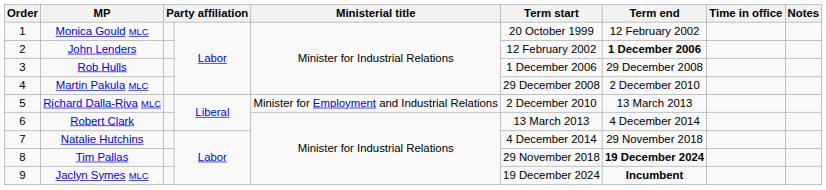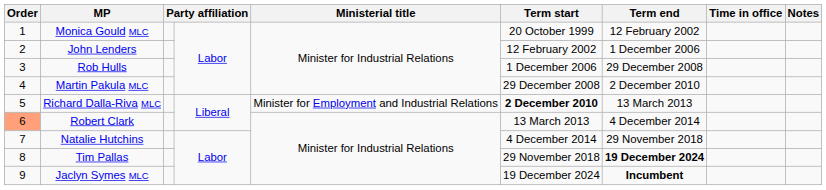 <table class="wikitable" style="text-align:center">
 <tr>
 <th>Order</th>
 <th>MP</th>
 <th colspan="2">Party affiliation</th>
 <th>Ministerial title</th>
 <th>Term start</th>
 <th>Term end</th>
 <th>Time in office</th>
 <th>Notes</th>
 </tr>
 <tr>
 <td>1</td>
 <td><a href='#'>Monica Gould</a> <small><a href='#'>MLC</a></small></td>
 <td></td>
 <td rowspan=4><a href='#'>Labor</a></td>
 <td rowspan=4>Minister for Industrial Relations</td>
 <td>20 October 1999</td>
 <td>12 February 2002</td>
 <td></td>
 <td></td>
 </tr>
 <tr>
 <td>2</td>
 <td><a href='#'>John Lenders</a> </td>
 <td></td>
 <td>12 February 2002</td>
-<td><strong>1 December 2006</strong></td>
+<td>1 December 2006</td>
 <td></td>
 <td></td>
 </tr>
 <tr>
 <td>3</td>
 <td><a href='#'>Rob Hulls</a> </td>
 <td></td>
 <td>1 December 2006</td>
 <td>29 December 2008</td>
 <td></td>
 <td></td>
 </tr>
 <tr>
 <td>4</td>
 <td><a href='#'>Martin Pakula</a> <small><a href='#'>MLC</a></small></td>
 <td></td>
 <td>29 December 2008</td>
 <td>2 December 2010</td>
 <td></td>
 <td></td>
 </tr>
 <tr>
 <td>5</td>
 <td><a href='#'>Richard Dalla-Riva</a> <small><a href='#'>MLC</a></small></td>
 <td></td>
 <td rowspan=2><a href='#'>Liberal</a></td>
 <td>Minister for <a href='#'>Employment</a> and Industrial Relations</td>
-<td>2 December 2010</td>
+<td><strong>2 December 2010</strong></td>
 <td>13 March 2013</td>
 <td></td>
 <td></td>
 </tr>
 <tr>
-<td>6</td>
+<td style="background: lightsalmon;">6</td>
 <td><a href='#'>Robert Clark</a> </td>
 <td></td>
 <td rowspan=4>Minister for Industrial Relations</td>
 <td>13 March 2013</td>
 <td>4 December 2014</td>
 <td></td>
 <td></td>
 </tr>
 <tr>
 <td>7</td>
 <td><a href='#'>Natalie Hutchins</a> </td>
 <td></td>
 <td rowspan=3><a href='#'>Labor</a></td>
 <td>4 December 2014</td>
 <td>29 November 2018</td>
 <td></td>
 <td></td>
 </tr>
 <tr>
 <td>8</td>
 <td><a href='#'>Tim Pallas</a> </td>
 <td></td>
 <td>29 November 2018</td>
 <td><strong>19 December 2024</strong></td>
 <td></td>
 <td></td>
 </tr>
 <tr>
 <td>9</td>
 <td><a href='#'>Jaclyn Symes</a> <a href='#'><small>MLC</small></a></td>
 <td></td>
 <td>19 December 2024</td>
 <td><strong>Incumbent</strong></td>
 <td></td>
 <td></td>
 </tr>
 </table>
